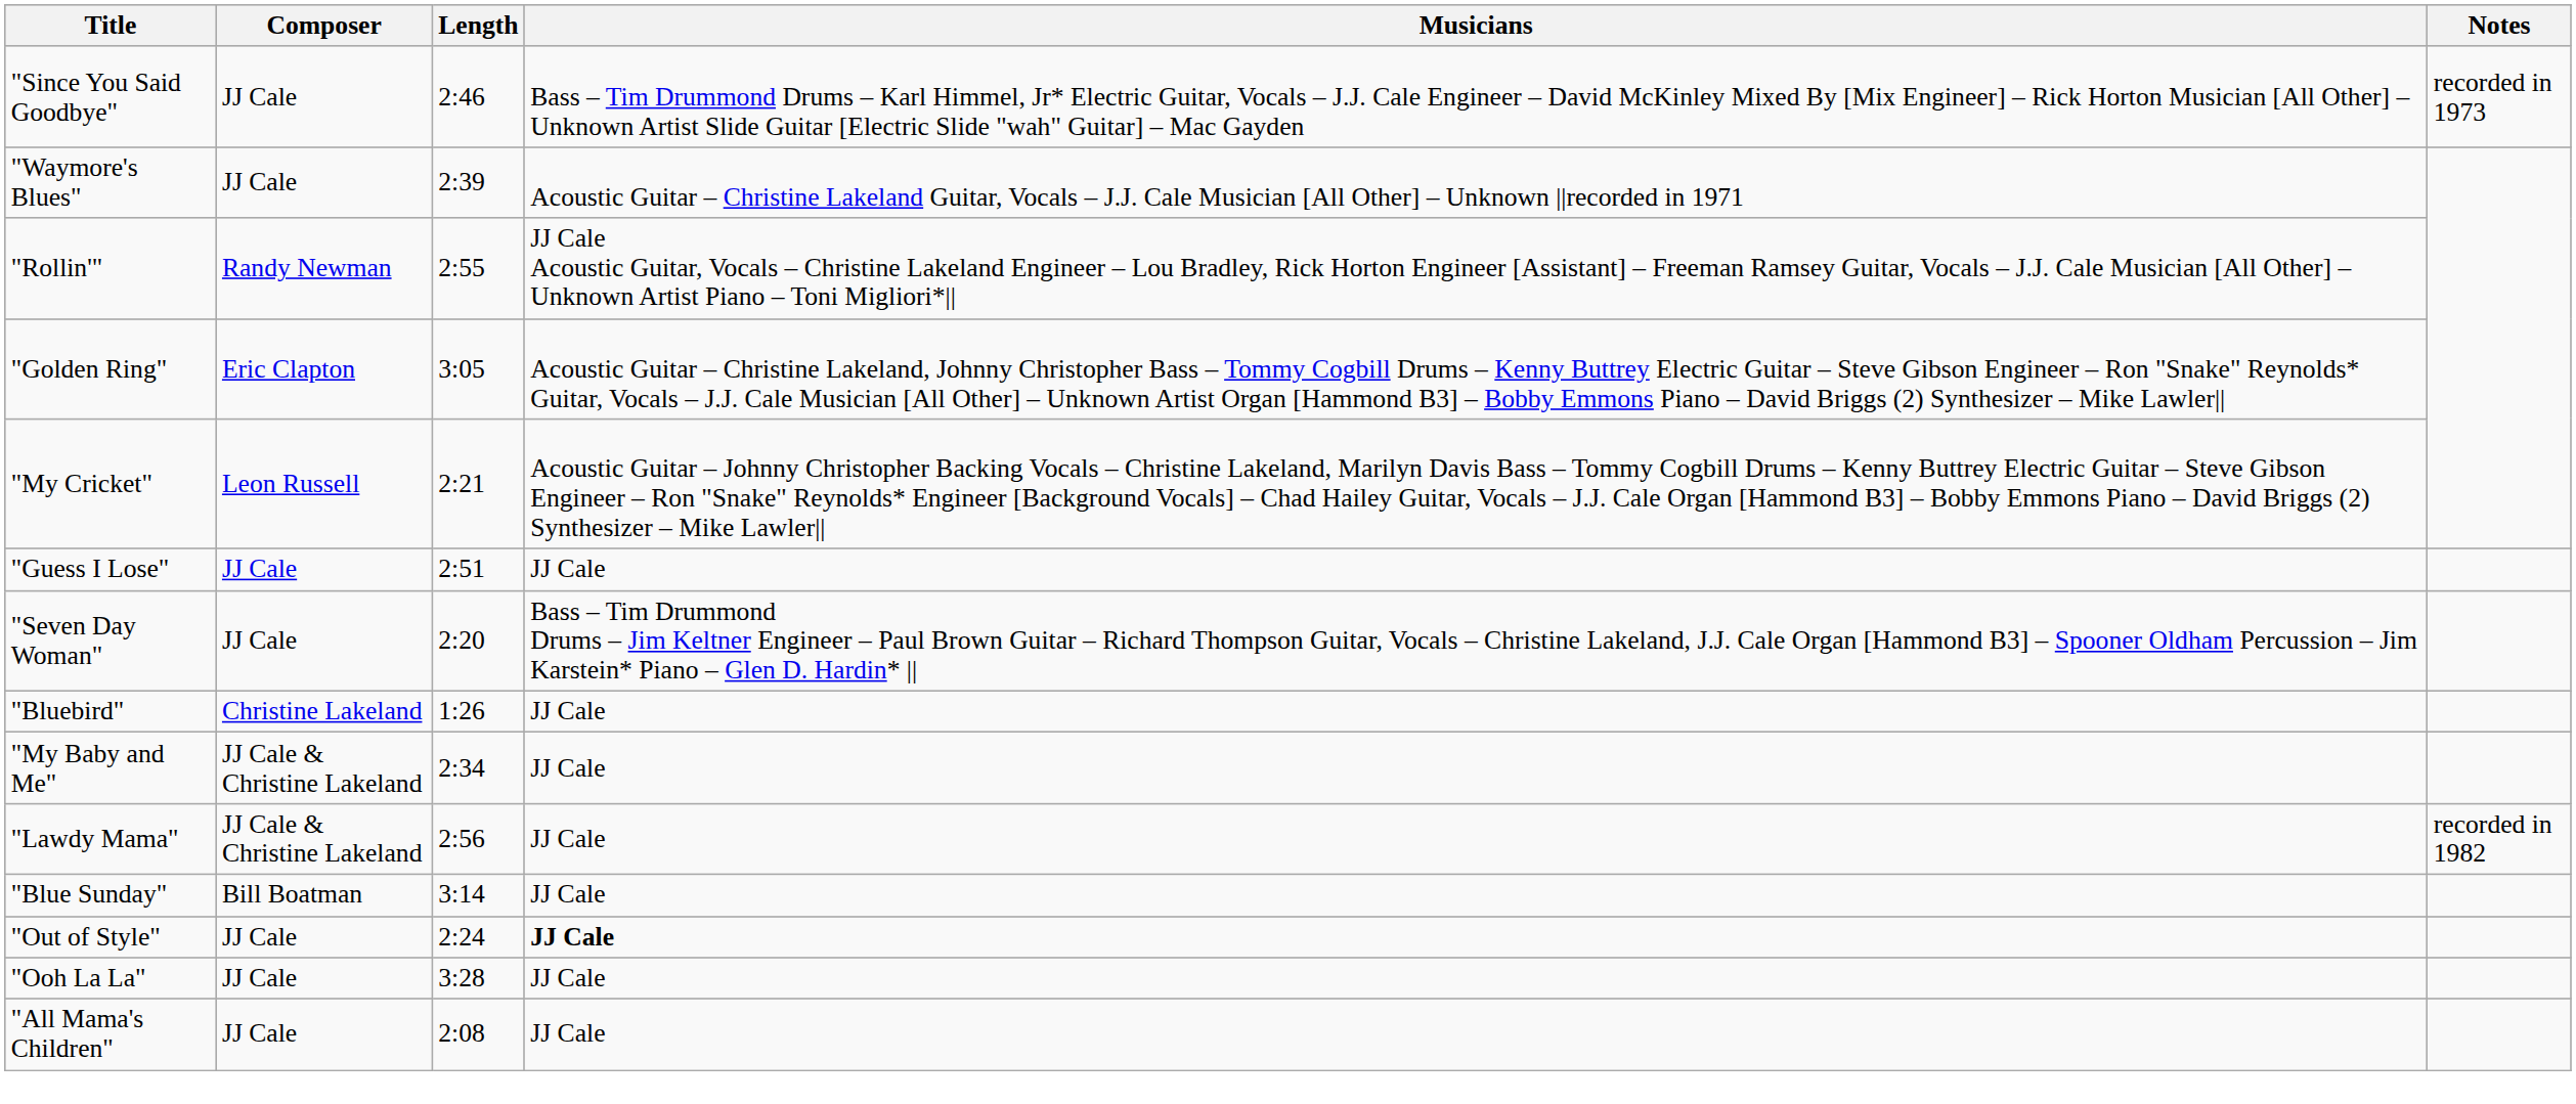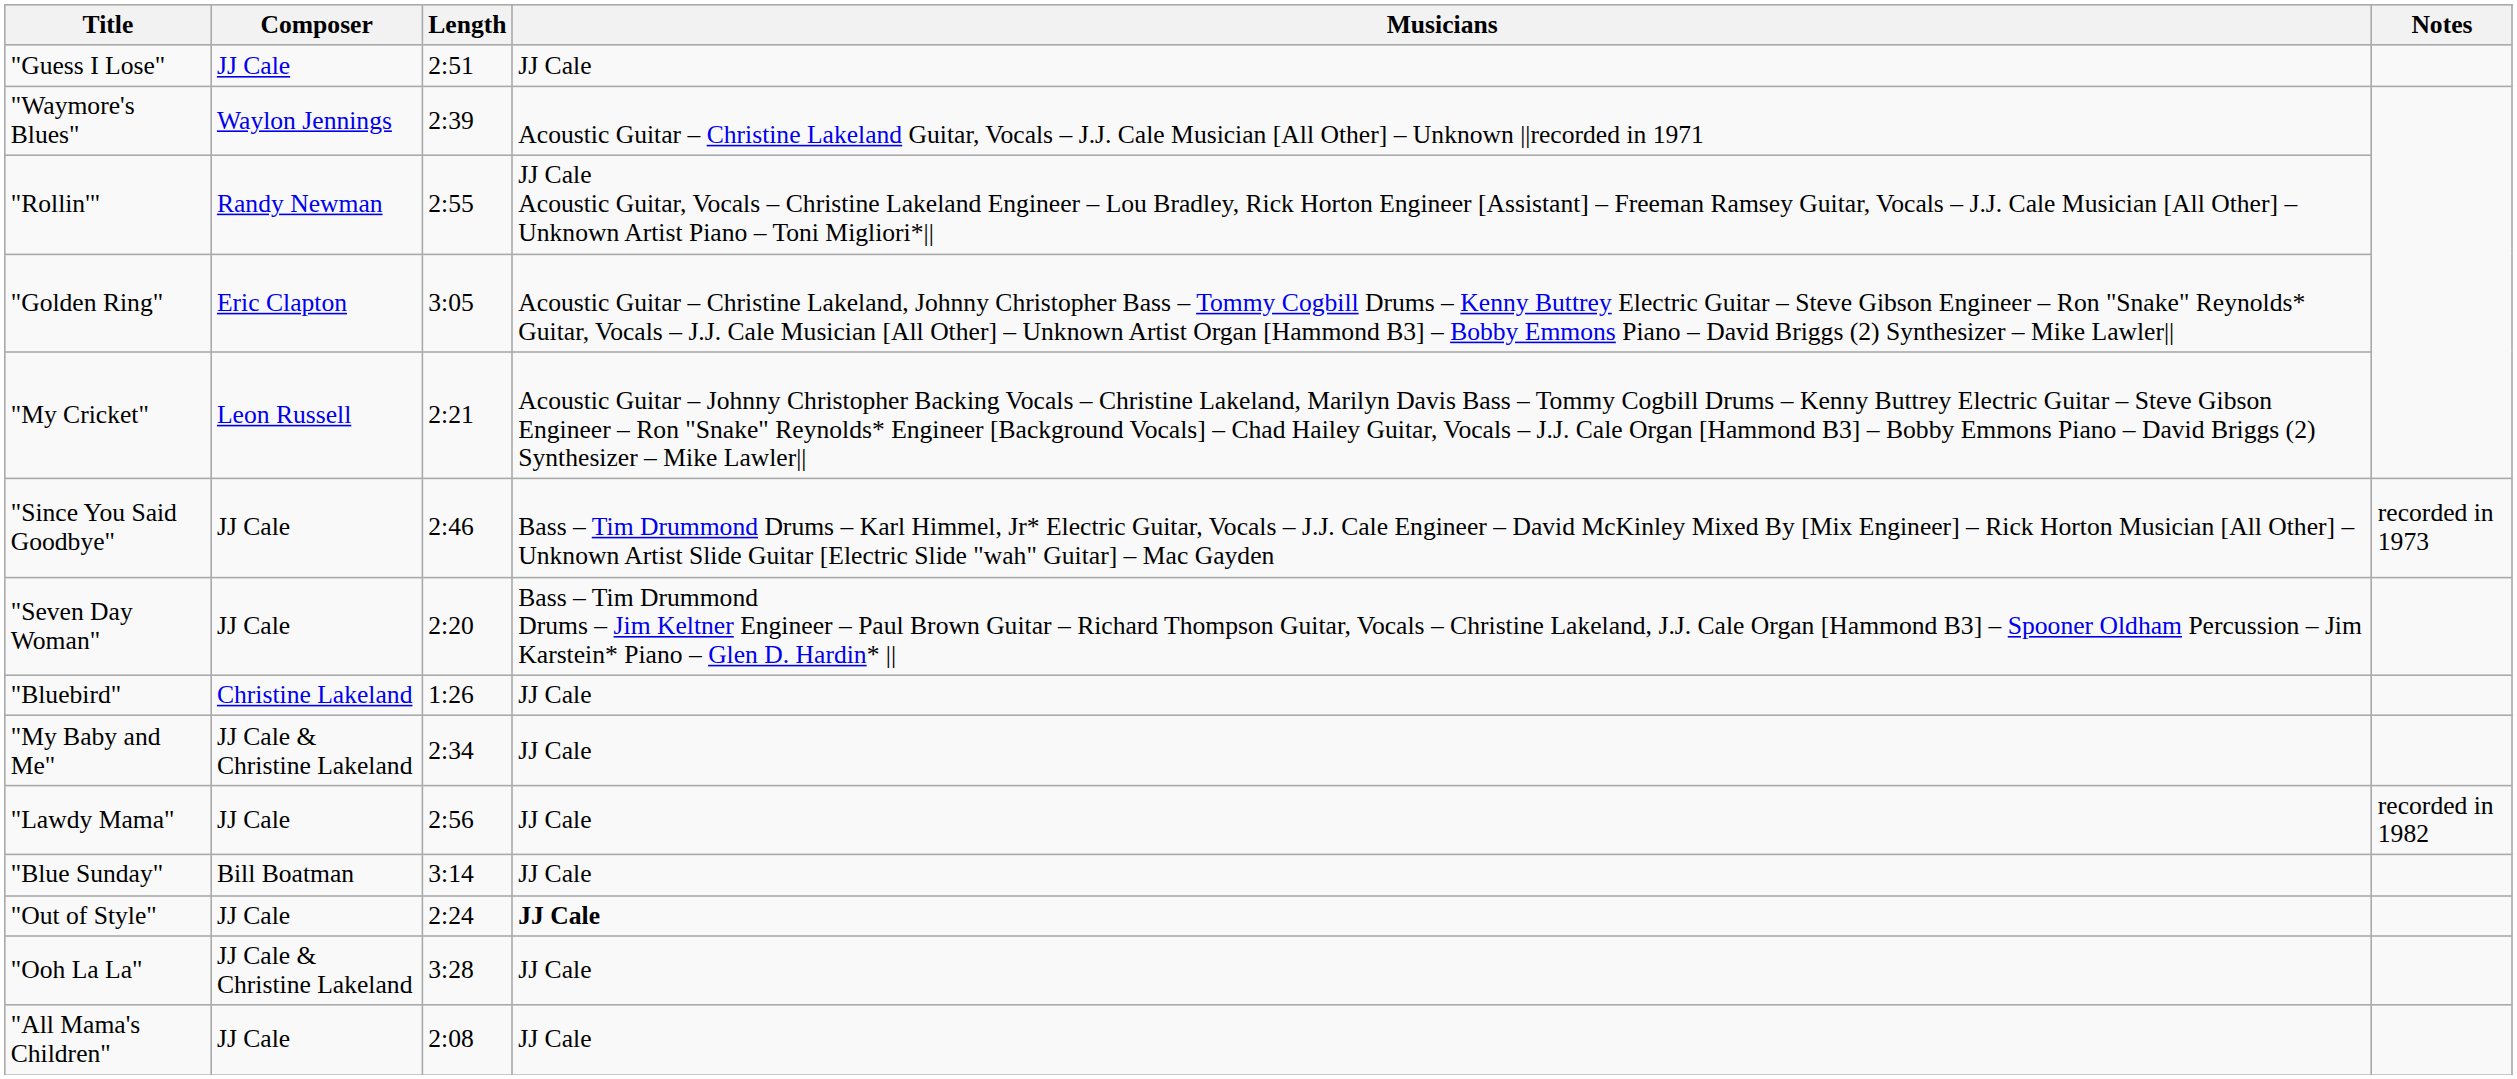 <table class="wikitable">
 <tr>
 <th>Title</th>
 <th>Composer</th>
 <th>Length</th>
 <th>Musicians</th>
 <th>Notes</th>
 </tr>
 <tr>
-<td>"Since You Said Goodbye"</td>
+<td>"Guess I Lose"</td>
+<td><a href='#'>JJ Cale</a></td>
+<td>2:51</td>
 <td>JJ Cale</td>
-<td>2:46</td>
-<td><br>Bass – <a href='#'>Tim Drummond</a> Drums – Karl Himmel, Jr* Electric Guitar, Vocals – J.J. Cale Engineer – David McKinley Mixed By [Mix Engineer] – Rick Horton Musician [All Other] – Unknown Artist Slide Guitar [Electric Slide "wah" Guitar] – Mac Gayden</td>
-<td>recorded in 1973</td>
+<td></td>
 </tr>
 <tr>
 <td>"Waymore's Blues"</td>
-<td>JJ Cale</td>
+<td><a href='#'>Waylon Jennings</a></td>
 <td>2:39</td>
 <td><br>Acoustic Guitar – <a href='#'>Christine Lakeland</a> Guitar, Vocals – J.J. Cale Musician [All Other] – Unknown ||recorded in 1971</td>
 </tr>
 <tr>
 <td>"Rollin'"</td>
 <td><a href='#'>Randy Newman</a></td>
 <td>2:55</td>
 <td>JJ Cale<br>Acoustic Guitar, Vocals – Christine Lakeland Engineer – Lou Bradley, Rick Horton Engineer [Assistant] – Freeman Ramsey  Guitar, Vocals – J.J. Cale Musician [All Other] – Unknown Artist Piano – Toni Migliori*||</td>
 </tr>
 <tr>
 <td>"Golden Ring"</td>
 <td><a href='#'>Eric Clapton</a></td>
 <td>3:05</td>
 <td><br>Acoustic Guitar – Christine Lakeland, Johnny Christopher Bass – <a href='#'>Tommy Cogbill</a> Drums – <a href='#'>Kenny Buttrey</a> Electric Guitar – Steve Gibson Engineer – Ron "Snake" Reynolds* Guitar, Vocals – J.J. Cale Musician [All Other] – Unknown Artist Organ [Hammond B3] – <a href='#'>Bobby Emmons</a> Piano – David Briggs (2) Synthesizer – Mike Lawler||</td>
 </tr>
 <tr>
 <td>"My Cricket"</td>
 <td><a href='#'>Leon Russell</a></td>
 <td>2:21</td>
 <td><br>Acoustic Guitar – Johnny Christopher Backing Vocals – Christine Lakeland, Marilyn Davis Bass – Tommy Cogbill Drums – Kenny Buttrey Electric Guitar – Steve Gibson Engineer – Ron "Snake" Reynolds* Engineer [Background Vocals] – Chad Hailey Guitar, Vocals – J.J. Cale Organ [Hammond B3] – Bobby Emmons Piano – David Briggs (2) Synthesizer – Mike Lawler||</td>
 </tr>
 <tr>
-<td>"Guess I Lose"</td>
-<td><a href='#'>JJ Cale</a></td>
-<td>2:51</td>
+<td>"Since You Said Goodbye"</td>
 <td>JJ Cale</td>
-<td></td>
+<td>2:46</td>
+<td><br>Bass – <a href='#'>Tim Drummond</a> Drums – Karl Himmel, Jr* Electric Guitar, Vocals – J.J. Cale Engineer – David McKinley Mixed By [Mix Engineer] – Rick Horton Musician [All Other] – Unknown Artist Slide Guitar [Electric Slide "wah" Guitar] – Mac Gayden</td>
+<td>recorded in 1973</td>
 </tr>
 <tr>
 <td>"Seven Day Woman"</td>
 <td>JJ Cale</td>
 <td>2:20</td>
 <td>Bass – Tim Drummond<br>Drums – <a href='#'>Jim Keltner</a> Engineer – Paul Brown Guitar – Richard Thompson Guitar, Vocals – Christine Lakeland, J.J. Cale Organ [Hammond B3] – <a href='#'>Spooner Oldham</a> Percussion – Jim Karstein* Piano – <a href='#'>Glen D. Hardin</a>* ||</td>
 </tr>
 <tr>
 <td>"Bluebird"</td>
 <td><a href='#'>Christine Lakeland</a></td>
 <td>1:26</td>
 <td>JJ Cale</td>
 <td></td>
 </tr>
 <tr>
 <td>"My Baby and Me"</td>
 <td>JJ Cale & Christine Lakeland</td>
 <td>2:34</td>
 <td>JJ Cale</td>
 <td></td>
 </tr>
 <tr>
 <td>"Lawdy Mama"</td>
-<td>JJ Cale & Christine Lakeland</td>
+<td>JJ Cale</td>
 <td>2:56</td>
 <td>JJ Cale</td>
 <td>recorded in 1982</td>
 </tr>
 <tr>
 <td>"Blue Sunday"</td>
 <td>Bill Boatman</td>
 <td>3:14</td>
 <td>JJ Cale</td>
 <td></td>
 </tr>
 <tr>
 <td>"Out of Style"</td>
 <td>JJ Cale</td>
 <td>2:24</td>
 <td><strong>JJ Cale</strong></td>
 <td></td>
 </tr>
 <tr>
 <td>"Ooh La La"</td>
-<td>JJ Cale</td>
+<td>JJ Cale & Christine Lakeland</td>
 <td>3:28</td>
 <td>JJ Cale</td>
 <td></td>
 </tr>
 <tr>
 <td>"All Mama's Children"</td>
 <td>JJ Cale</td>
 <td>2:08</td>
 <td>JJ Cale</td>
 <td></td>
 </tr>
 </table>
